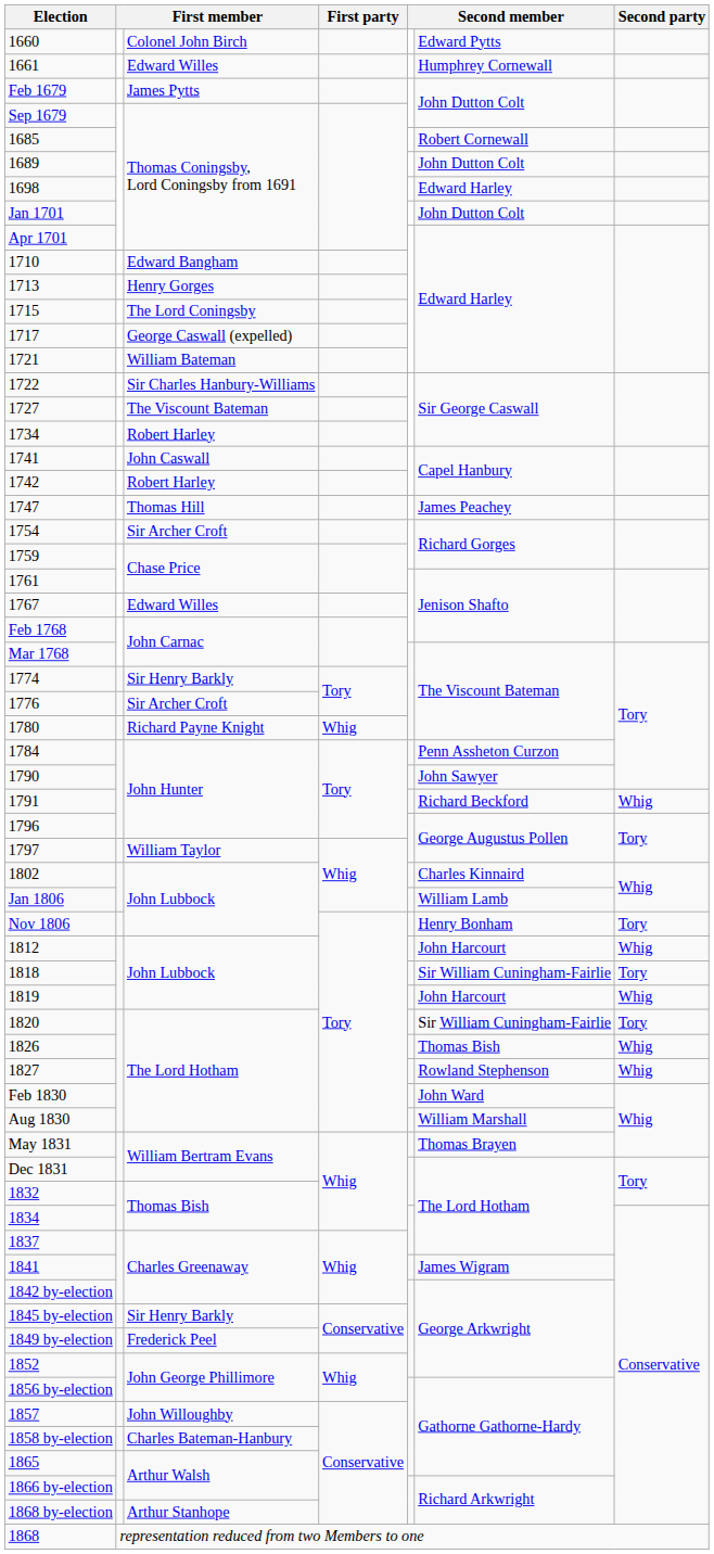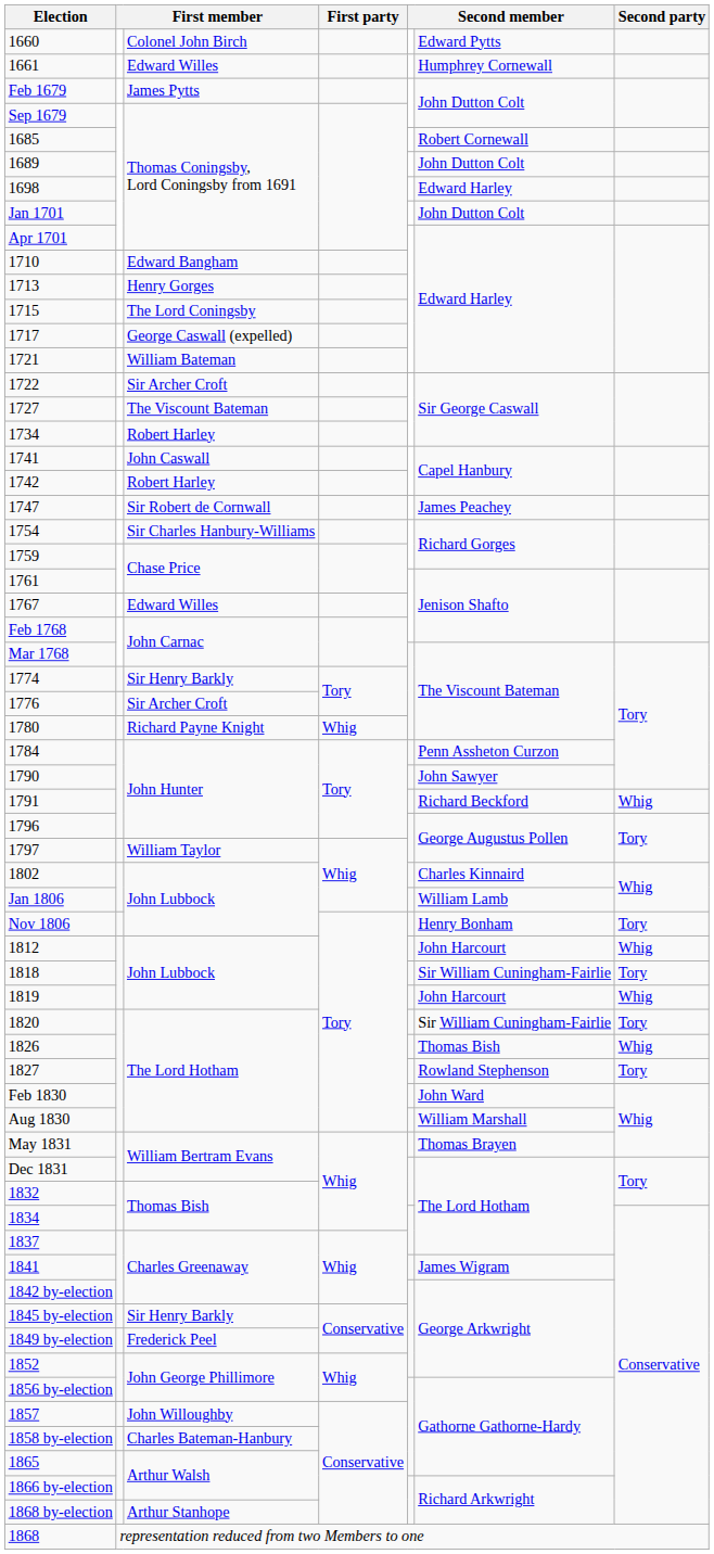 <table class="wikitable">
 <tr>
 <th>Election</th>
 <th colspan="2">First member</th>
 <th>First party</th>
 <th colspan="2">Second member</th>
 <th>Second party</th>
 </tr>
 <tr>
 <td>1660</td>
 <td style="color:inherit;background-color: white"></td>
 <td><a href='#'>Colonel John Birch</a></td>
 <td></td>
 <td style="color:inherit;background-color: white"></td>
 <td><a href='#'>Edward Pytts</a></td>
 <td></td>
 </tr>
 <tr>
 <td>1661</td>
 <td style="color:inherit;background-color: white"></td>
 <td><a href='#'>Edward Willes</a></td>
 <td></td>
 <td style="color:inherit;background-color: white"></td>
 <td><a href='#'>Humphrey Cornewall</a></td>
 <td></td>
 </tr>
 <tr>
 <td><a href='#'>Feb 1679</a></td>
 <td style="color:inherit;background-color: white"></td>
 <td><a href='#'>James Pytts</a></td>
 <td></td>
 <td rowspan="2" style="color:inherit;background-color: white"></td>
 <td rowspan="2"><a href='#'>John Dutton Colt</a></td>
 <td rowspan="2"></td>
 </tr>
 <tr>
 <td><a href='#'>Sep 1679</a></td>
 <td rowspan="6" style="color:inherit;background-color: white"></td>
 <td rowspan="6"><a href='#'>Thomas Coningsby</a>, <br>Lord Coningsby from 1691</td>
 <td rowspan="6"></td>
 </tr>
 <tr>
 <td>1685</td>
 <td style="color:inherit;background-color: white"></td>
 <td><a href='#'>Robert Cornewall</a></td>
 <td></td>
 </tr>
 <tr>
 <td>1689</td>
 <td style="color:inherit;background-color: white"></td>
 <td><a href='#'>John Dutton Colt</a></td>
 <td></td>
 </tr>
 <tr>
 <td>1698</td>
 <td style="color:inherit;background-color: white"></td>
 <td><a href='#'>Edward Harley</a></td>
 <td></td>
 </tr>
 <tr>
 <td><a href='#'>Jan 1701</a></td>
 <td style="color:inherit;background-color: white"></td>
 <td><a href='#'>John Dutton Colt</a></td>
 <td></td>
 </tr>
 <tr>
 <td><a href='#'>Apr 1701</a></td>
 <td rowspan="6" style="color:inherit;background-color: white"></td>
 <td rowspan="6"><a href='#'>Edward Harley</a></td>
 <td rowspan="6"></td>
 </tr>
 <tr>
 <td>1710</td>
 <td style="color:inherit;background-color: white"></td>
 <td><a href='#'>Edward Bangham</a></td>
 <td></td>
 </tr>
 <tr>
 <td>1713</td>
 <td style="color:inherit;background-color: white"></td>
 <td><a href='#'>Henry Gorges</a></td>
 <td></td>
 </tr>
 <tr>
 <td>1715</td>
 <td style="color:inherit;background-color: white"></td>
 <td><a href='#'>The Lord Coningsby</a></td>
 <td></td>
 </tr>
 <tr>
 <td>1717</td>
 <td style="color:inherit;background-color: white"></td>
 <td><a href='#'>George Caswall</a> (expelled)</td>
 <td></td>
 </tr>
 <tr>
 <td>1721</td>
 <td style="color:inherit;background-color: white"></td>
 <td><a href='#'>William Bateman</a></td>
 <td></td>
 </tr>
 <tr>
 <td>1722</td>
 <td style="color:inherit;background-color: white"></td>
-<td><a href='#'>Sir Charles Hanbury-Williams</a></td>
+<td><a href='#'>Sir Archer Croft</a></td>
 <td></td>
 <td rowspan="3" style="color:inherit;background-color: white"></td>
 <td rowspan="3"><a href='#'>Sir George Caswall</a></td>
 <td rowspan="3"></td>
 </tr>
 <tr>
 <td>1727</td>
 <td style="color:inherit;background-color: white"></td>
 <td><a href='#'>The Viscount Bateman</a></td>
 <td></td>
 </tr>
 <tr>
 <td>1734</td>
 <td style="color:inherit;background-color: white"></td>
 <td><a href='#'>Robert Harley</a></td>
 <td></td>
 </tr>
 <tr>
 <td>1741</td>
 <td style="color:inherit;background-color: white"></td>
 <td><a href='#'>John Caswall</a></td>
 <td></td>
 <td rowspan="2" style="color:inherit;background-color: white"></td>
 <td rowspan="2"><a href='#'>Capel Hanbury</a></td>
 <td rowspan="2"></td>
 </tr>
 <tr>
 <td>1742</td>
 <td style="color:inherit;background-color: white"></td>
 <td><a href='#'>Robert Harley</a></td>
 <td></td>
 </tr>
 <tr>
 <td>1747</td>
 <td style="color:inherit;background-color: white"></td>
-<td><a href='#'>Thomas Hill</a></td>
+<td><a href='#'>Sir Robert de Cornwall</a></td>
 <td></td>
 <td style="color:inherit;background-color: white"></td>
 <td><a href='#'>James Peachey</a></td>
 <td></td>
 </tr>
 <tr>
 <td>1754</td>
 <td style="color:inherit;background-color: white"></td>
-<td><a href='#'>Sir Archer Croft</a></td>
+<td><a href='#'>Sir Charles Hanbury-Williams</a></td>
 <td></td>
 <td rowspan="2" style="color:inherit;background-color: white"></td>
 <td rowspan="2"><a href='#'>Richard Gorges</a></td>
 <td rowspan="2"></td>
 </tr>
 <tr>
 <td>1759</td>
 <td rowspan="2" style="color:inherit;background-color: white"></td>
 <td rowspan="2"><a href='#'>Chase Price</a></td>
 <td rowspan="2"></td>
 </tr>
 <tr>
 <td>1761</td>
 <td rowspan="3" style="color:inherit;background-color: white"></td>
 <td rowspan="3"><a href='#'>Jenison Shafto</a></td>
 <td rowspan="3"></td>
 </tr>
 <tr>
 <td>1767</td>
 <td style="color:inherit;background-color: white"></td>
 <td><a href='#'>Edward Willes</a></td>
 <td></td>
 </tr>
 <tr>
 <td><a href='#'>Feb 1768</a></td>
 <td rowspan="2" style="color:inherit;background-color: white"></td>
 <td rowspan="2"><a href='#'>John Carnac</a></td>
 <td rowspan="2"></td>
 </tr>
 <tr>
 <td><a href='#'>Mar 1768</a></td>
 <td rowspan="4" style="color:inherit;background-color: "></td>
 <td rowspan="4"><a href='#'>The Viscount Bateman</a></td>
 <td rowspan="6"><a href='#'>Tory</a></td>
 </tr>
 <tr>
 <td>1774</td>
 <td style="color:inherit;background-color: "></td>
 <td><a href='#'>Sir Henry Barkly</a></td>
 <td rowspan="2"><a href='#'>Tory</a></td>
 </tr>
 <tr>
 <td>1776</td>
 <td style="color:inherit;background-color: "></td>
 <td><a href='#'>Sir Archer Croft</a></td>
 </tr>
 <tr>
 <td>1780</td>
 <td style="color:inherit;background-color: "></td>
 <td><a href='#'>Richard Payne Knight</a></td>
 <td><a href='#'>Whig</a></td>
 </tr>
 <tr>
 <td>1784</td>
 <td rowspan="4" style="color:inherit;background-color: "></td>
 <td rowspan="4"><a href='#'>John Hunter</a></td>
 <td rowspan="4"><a href='#'>Tory</a></td>
 <td style="color:inherit;background-color: "></td>
 <td><a href='#'>Penn Assheton Curzon</a></td>
 </tr>
 <tr>
 <td>1790</td>
 <td style="color:inherit;background-color: "></td>
 <td><a href='#'>John Sawyer</a></td>
 </tr>
 <tr>
 <td>1791</td>
 <td style="color:inherit;background-color: "></td>
 <td><a href='#'>Richard Beckford</a></td>
 <td><a href='#'>Whig</a></td>
 </tr>
 <tr>
 <td>1796</td>
 <td rowspan="2" style="color:inherit;background-color: "></td>
 <td rowspan="2"><a href='#'>George Augustus Pollen</a></td>
 <td rowspan="2"><a href='#'>Tory</a></td>
 </tr>
 <tr>
 <td>1797</td>
 <td style="color:inherit;background-color: "></td>
 <td><a href='#'>William Taylor</a></td>
 <td rowspan="3"><a href='#'>Whig</a></td>
 </tr>
 <tr>
 <td>1802</td>
 <td rowspan="2" style="color:inherit;background-color: "></td>
 <td rowspan="3"><a href='#'>John Lubbock</a></td>
 <td style="color:inherit;background-color: "></td>
 <td><a href='#'>Charles Kinnaird</a></td>
 <td rowspan="2"><a href='#'>Whig</a></td>
 </tr>
 <tr>
 <td><a href='#'>Jan 1806</a></td>
 <td style="color:inherit;background-color: "></td>
 <td><a href='#'>William Lamb</a></td>
 </tr>
 <tr>
 <td><a href='#'>Nov 1806</a></td>
 <td style="color:inherit;background-color: "></td>
 <td rowspan="9"><a href='#'>Tory</a></td>
 <td style="color:inherit;background-color: "></td>
 <td><a href='#'>Henry Bonham</a></td>
 <td><a href='#'>Tory</a></td>
 </tr>
 <tr>
 <td>1812</td>
 <td rowspan="3" style="color:inherit;background-color: "></td>
 <td rowspan="3"><a href='#'>John Lubbock</a></td>
 <td style="color:inherit;background-color: "></td>
 <td><a href='#'>John Harcourt</a></td>
 <td><a href='#'>Whig</a></td>
 </tr>
 <tr>
 <td>1818</td>
 <td style="color:inherit;background-color: "></td>
 <td><a href='#'>Sir William Cuningham-Fairlie</a></td>
 <td><a href='#'>Tory</a></td>
 </tr>
 <tr>
 <td>1819</td>
 <td style="color:inherit;background-color: "></td>
 <td><a href='#'>John Harcourt</a></td>
 <td><a href='#'>Whig</a></td>
 </tr>
 <tr>
 <td>1820</td>
 <td rowspan="5" style="color:inherit;background-color: "></td>
 <td rowspan="5"><a href='#'>The Lord Hotham</a></td>
 <td style="color:inherit;background-color: "></td>
 <td>Sir <a href='#'>William Cuningham-Fairlie</a></td>
 <td><a href='#'>Tory</a></td>
 </tr>
 <tr>
 <td>1826</td>
 <td style="color:inherit;background-color: "></td>
 <td><a href='#'>Thomas Bish</a></td>
 <td><a href='#'>Whig</a></td>
 </tr>
 <tr>
 <td>1827</td>
 <td style="color:inherit;background-color: "></td>
 <td><a href='#'>Rowland Stephenson</a></td>
-<td><a href='#'>Whig</a></td>
+<td><a href='#'>Tory</a></td>
 </tr>
 <tr>
 <td>Feb 1830</td>
 <td style="color:inherit;background-color: "></td>
 <td><a href='#'>John Ward</a></td>
 <td rowspan="3"><a href='#'>Whig</a></td>
 </tr>
 <tr>
 <td>Aug 1830</td>
 <td style="color:inherit;background-color: "></td>
 <td><a href='#'>William Marshall</a></td>
 </tr>
 <tr>
 <td>May 1831</td>
 <td rowspan="2" style="color:inherit;background-color: "></td>
 <td rowspan="2"><a href='#'>William Bertram Evans</a></td>
 <td rowspan="4"><a href='#'>Whig</a></td>
 <td style="color:inherit;background-color: "></td>
 <td><a href='#'>Thomas Brayen</a></td>
 </tr>
 <tr>
 <td>Dec 1831</td>
 <td rowspan="2" style="color:inherit;background-color: "></td>
 <td rowspan="4"><a href='#'>The Lord Hotham</a></td>
 <td rowspan="2"><a href='#'>Tory</a></td>
 </tr>
 <tr>
 <td><a href='#'>1832</a></td>
 <td rowspan="2" style="color:inherit;background-color: "></td>
 <td rowspan="2"><a href='#'>Thomas Bish</a></td>
 </tr>
 <tr>
 <td><a href='#'>1834</a></td>
 <td rowspan="2" style="color:inherit;background-color: "></td>
 <td rowspan="13"><a href='#'>Conservative</a></td>
 </tr>
 <tr>
 <td><a href='#'>1837</a></td>
 <td rowspan="3" style="color:inherit;background-color: "></td>
 <td rowspan="3"><a href='#'>Charles Greenaway</a></td>
 <td rowspan="3"><a href='#'>Whig</a></td>
 </tr>
 <tr>
 <td><a href='#'>1841</a></td>
 <td style="color:inherit;background-color: "></td>
 <td><a href='#'>James Wigram</a></td>
 </tr>
 <tr>
 <td><a href='#'>1842 by-election</a></td>
 <td rowspan="4" style="color:inherit;background-color: "></td>
 <td rowspan="4"><a href='#'>George Arkwright</a></td>
 </tr>
 <tr>
 <td><a href='#'>1845 by-election</a></td>
 <td style="color:inherit;background-color: "></td>
 <td><a href='#'>Sir Henry Barkly</a></td>
 <td rowspan="2"><a href='#'>Conservative</a></td>
 </tr>
 <tr>
 <td><a href='#'>1849 by-election</a></td>
 <td style="color:inherit;background-color: "></td>
 <td><a href='#'>Frederick Peel</a></td>
 </tr>
 <tr>
 <td><a href='#'>1852</a></td>
 <td rowspan="2" style="color:inherit;background-color: "></td>
 <td rowspan="2"><a href='#'>John George Phillimore</a></td>
 <td rowspan="2"><a href='#'>Whig</a></td>
 </tr>
 <tr>
 <td><a href='#'>1856 by-election</a></td>
 <td rowspan="4" style="color:inherit;background-color: "></td>
 <td rowspan="4"><a href='#'>Gathorne Gathorne-Hardy</a></td>
 </tr>
 <tr>
 <td><a href='#'>1857</a></td>
 <td style="color:inherit;background-color: "></td>
 <td><a href='#'>John Willoughby</a></td>
 <td rowspan="5"><a href='#'>Conservative</a></td>
 </tr>
 <tr>
 <td><a href='#'>1858 by-election</a></td>
 <td style="color:inherit;background-color: "></td>
 <td><a href='#'>Charles Bateman-Hanbury</a></td>
 </tr>
 <tr>
 <td><a href='#'>1865</a></td>
 <td rowspan="2" style="color:inherit;background-color: "></td>
 <td rowspan="2"><a href='#'>Arthur Walsh</a></td>
 </tr>
 <tr>
 <td><a href='#'>1866 by-election</a></td>
 <td rowspan="2" style="color:inherit;background-color: "></td>
 <td rowspan="2"><a href='#'>Richard Arkwright</a></td>
 </tr>
 <tr>
 <td><a href='#'>1868 by-election</a></td>
 <td style="color:inherit;background-color: "></td>
 <td><a href='#'>Arthur Stanhope</a></td>
 </tr>
 <tr>
 <td><a href='#'>1868</a></td>
 <td colspan="6"><em>representation reduced from two Members to one</em></td>
 </tr>
 </table>
